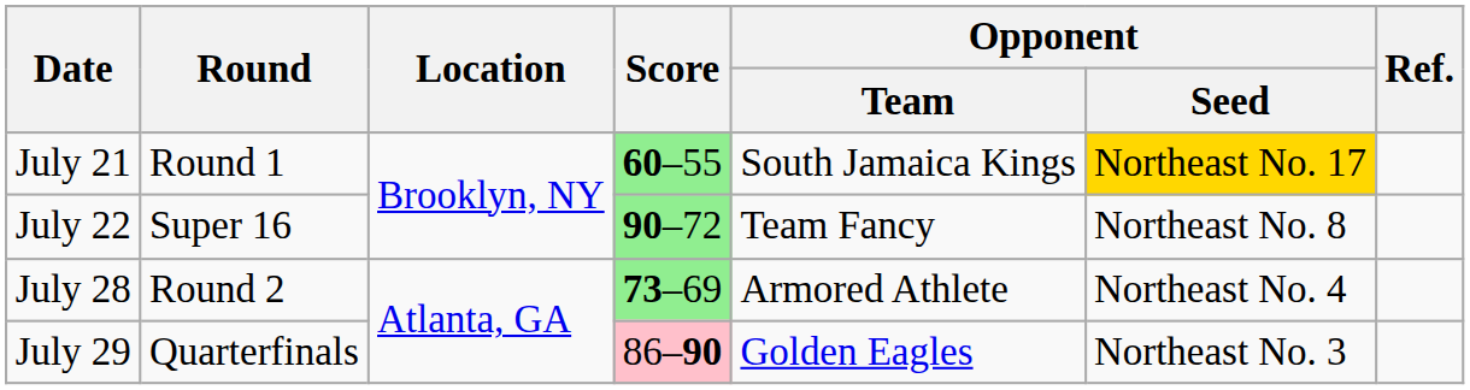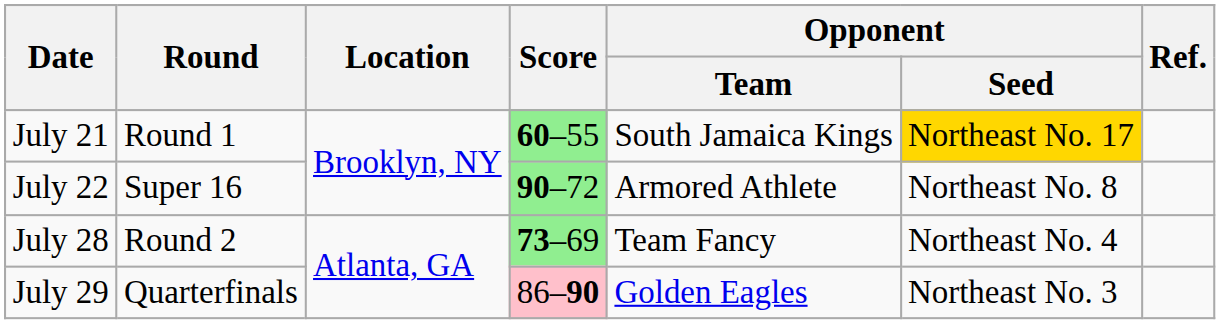 <table class="wikitable">
 <tr>
 <th rowspan=2>Date</th>
 <th rowspan=2>Round</th>
 <th rowspan=2>Location</th>
 <th rowspan=2>Score</th>
 <th colspan=2>Opponent</th>
 <th rowspan=2>Ref.</th>
 </tr>
 <tr>
 <th>Team</th>
 <th>Seed</th>
 </tr>
 <tr>
 <td>July 21</td>
 <td>Round 1</td>
 <td rowspan=2><a href='#'>Brooklyn, NY</a></td>
 <td bgcolor=lightgreen><strong>60</strong>–55</td>
 <td>South Jamaica Kings</td>
 <td style="background: gold;">Northeast No. 17</td>
 <td></td>
 </tr>
 <tr>
 <td>July 22</td>
 <td>Super 16</td>
 <td bgcolor=lightgreen><strong>90</strong>–72</td>
-<td>Team Fancy</td>
+<td>Armored Athlete</td>
 <td>Northeast No. 8</td>
 <td></td>
 </tr>
 <tr>
 <td>July 28</td>
 <td>Round 2</td>
 <td rowspan=2><a href='#'>Atlanta, GA</a></td>
 <td bgcolor=lightgreen><strong>73</strong>–69</td>
-<td>Armored Athlete</td>
+<td>Team Fancy</td>
 <td>Northeast No. 4</td>
 <td></td>
 </tr>
 <tr>
 <td>July 29</td>
 <td>Quarterfinals</td>
 <td bgcolor=pink>86–<strong>90</strong></td>
 <td><a href='#'>Golden Eagles</a></td>
 <td>Northeast No. 3</td>
 <td></td>
 </tr>
 </table>
